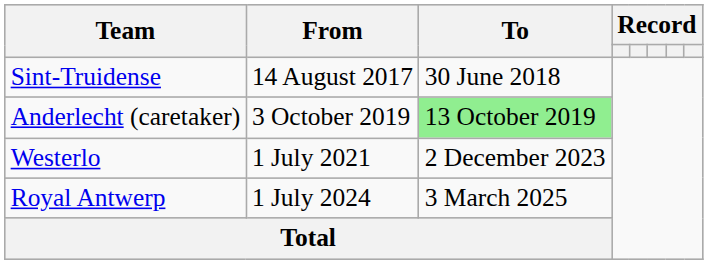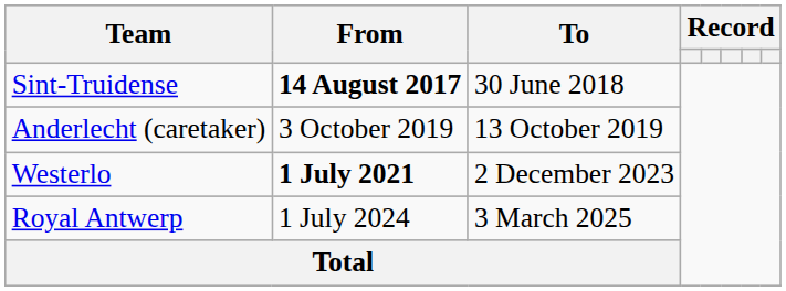 <table class="wikitable" style="text-align: center">
 <tr>
 <th rowspan="2">Team</th>
 <th rowspan="2">From</th>
 <th rowspan="2">To</th>
 <th colspan="8">Record</th>
 </tr>
 <tr>
 <th></th>
 <th></th>
 <th></th>
 <th></th>
 <th></th>
 </tr>
 <tr>
 <td align=left><a href='#'>Sint-Truidense</a></td>
-<td align=left>14 August 2017</td>
+<td align=left><strong>14 August 2017</strong></td>
 <td align=left>30 June 2018<br></td>
 </tr>
 <tr>
 <td align=left><a href='#'>Anderlecht</a> (caretaker)</td>
 <td align=left>3 October 2019</td>
-<td align=left style="background: lightgreen;">13 October 2019<br></td>
+<td align=left>13 October 2019<br></td>
 </tr>
 <tr>
 <td align=left><a href='#'>Westerlo</a></td>
-<td align=left>1 July 2021</td>
+<td align=left><strong>1 July 2021</strong></td>
 <td align=left>2 December 2023<br></td>
 </tr>
 <tr>
 <td align=left><a href='#'>Royal Antwerp</a></td>
 <td align=left>1 July 2024</td>
 <td align=left>3 March 2025<br></td>
 </tr>
 <tr>
 <th colspan="3">Total<br></th>
 </tr>
 </table>
